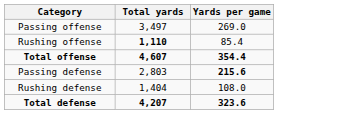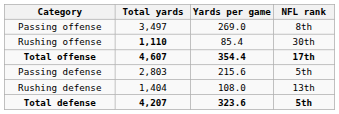 <table class="wikitable" style="text-align:center">
 <tr>
 <th width=150px>Category</th>
 <th width=100px>Total yards</th>
 <th width=110px>Yards per game</th>
+<th width=80px>NFL rank<br></th>
 </tr>
 <tr>
 <td>Passing offense</td>
 <td>3,497</td>
 <td>269.0</td>
+<td>8th</td>
 </tr>
 <tr>
 <td>Rushing offense</td>
 <td><strong>1,110</strong></td>
 <td>85.4</td>
+<td>30th</td>
 </tr>
 <tr>
 <td><strong>Total offense</strong></td>
 <td><strong>4,607</strong></td>
 <td><strong>354.4</strong></td>
+<td><strong>17th</strong></td>
 </tr>
 <tr>
 <td>Passing defense</td>
 <td>2,803</td>
-<td><strong>215.6</strong></td>
+<td>215.6</td>
+<td>5th</td>
 </tr>
 <tr>
 <td>Rushing defense</td>
 <td>1,404</td>
 <td>108.0</td>
+<td>13th</td>
 </tr>
 <tr>
 <td><strong>Total defense</strong></td>
 <td><strong>4,207</strong></td>
 <td><strong>323.6</strong></td>
+<td><strong>5th</strong></td>
 </tr>
 </table>
